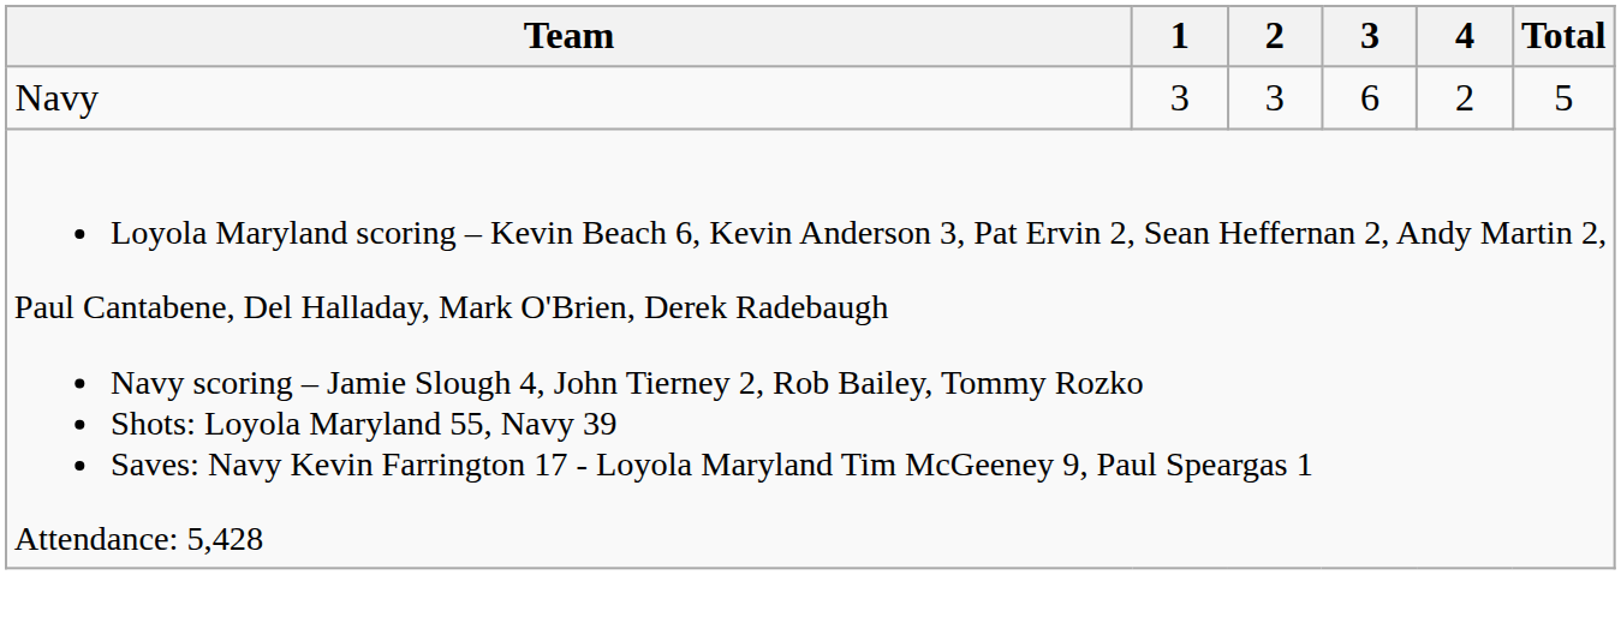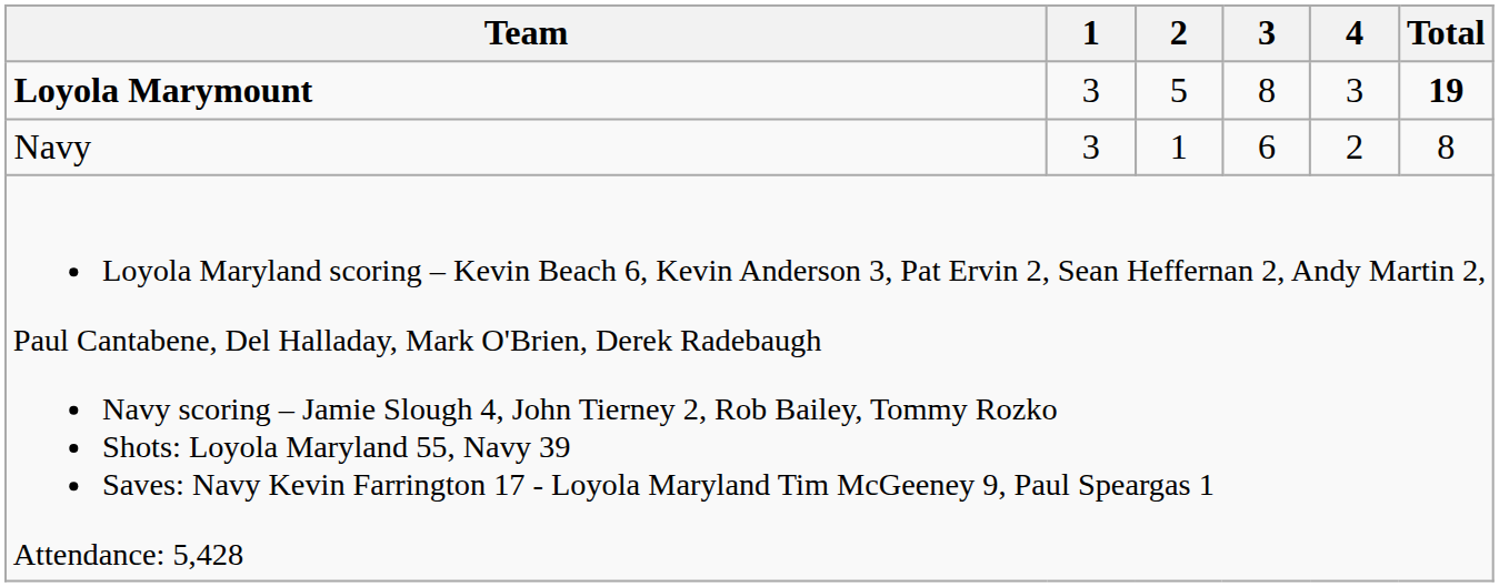 <table class="wikitable" style="text-align:center; max-width:45em">
 <tr>
 <th>Team</th>
 <th style="width:2em">1</th>
 <th style="width:2em">2</th>
 <th style="width:2em">3</th>
 <th style="width:2em">4</th>
 <th style="width:2em">Total</th>
 </tr>
 <tr>
+<td style="text-align:left"><strong>Loyola Marymount</strong></td>
+<td>3</td>
+<td>5</td>
+<td>8</td>
+<td>3</td>
+<td><strong>19</strong></td>
+</tr>
+<tr>
 <td style="text-align:left">Navy</td>
 <td>3</td>
-<td>3</td>
+<td>1</td>
 <td>6</td>
 <td>2</td>
-<td>5</td>
+<td>8</td>
 </tr>
 <tr>
 <td colspan=6 style="text-align:left; font-size:88%;"><br><ul><li>Loyola Maryland scoring – Kevin Beach 6, Kevin Anderson 3, Pat Ervin 2, Sean Heffernan 2, Andy Martin 2,</li></ul>Paul Cantabene, Del Halladay, Mark O'Brien, Derek Radebaugh<ul><li>Navy scoring – Jamie Slough 4, John Tierney 2, Rob Bailey, Tommy Rozko</li><li>Shots: Loyola Maryland 55, Navy 39</li><li>Saves: Navy Kevin Farrington 17 - Loyola Maryland Tim McGeeney 9, Paul Speargas 1</li></ul>Attendance: 5,428 </td>
 </tr>
 </table>
